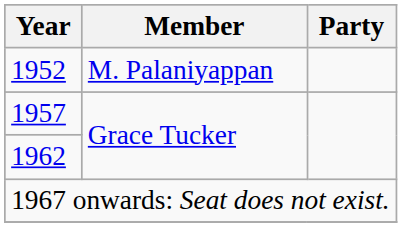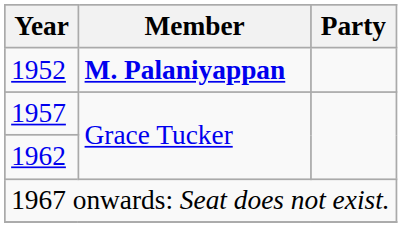 <table class="wikitable sortable">
 <tr>
 <th>Year</th>
 <th>Member</th>
 <th colspan="2">Party</th>
 </tr>
 <tr>
 <td><a href='#'>1952</a></td>
-<td><a href='#'>M. Palaniyappan</a></td>
+<td><strong><a href='#'>M. Palaniyappan</a></strong></td>
 <td></td>
 </tr>
 <tr>
 <td><a href='#'>1957</a></td>
 <td rowspan=2><a href='#'>Grace Tucker</a></td>
 </tr>
 <tr>
 <td><a href='#'>1962</a></td>
 </tr>
 <tr>
 <td colspan=4 align=center>1967 onwards: <em>Seat does not exist.</em></td>
 </tr>
 <tr>
 </tr>
 </table>
